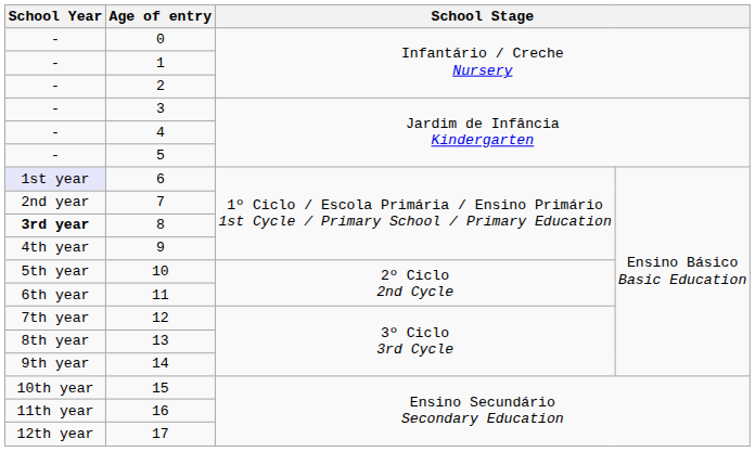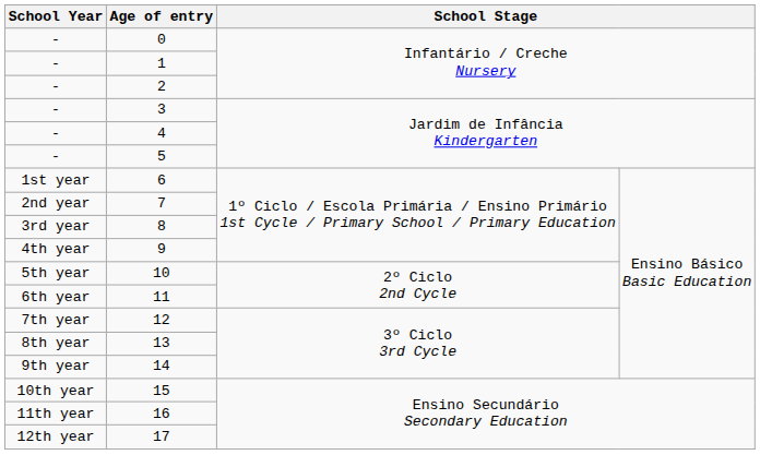 <table class="wikitable" style="text-align:center">
 <tr>
 <th>School Year</th>
 <th>Age of entry</th>
 <th colspan=2>School Stage</th>
 </tr>
 <tr>
 <td>-</td>
 <td>0</td>
 <td align=center colspan=2 rowspan=3>Infantário / Creche <em><br><a href='#'>Nursery</a></em></td>
 </tr>
 <tr>
 <td>-</td>
 <td>1</td>
 </tr>
 <tr>
 <td>-</td>
 <td>2</td>
 </tr>
 <tr>
 <td>-</td>
 <td>3</td>
 <td align=center colspan=2 rowspan=3>Jardim de Infância <em><br><a href='#'>Kindergarten</a></em></td>
 </tr>
 <tr>
 <td>-</td>
 <td>4</td>
 </tr>
 <tr>
 <td>-</td>
 <td>5</td>
 </tr>
 <tr>
-<td style="background: lavender;">1st year</td>
+<td>1st year</td>
 <td>6</td>
 <td rowspan=4>1º Ciclo / Escola Primária / Ensino Primário <br><em>1st Cycle / Primary School / Primary Education </em></td>
 <td align=center rowspan=9>Ensino Básico<br><em>Basic Education</em></td>
 </tr>
 <tr>
 <td>2nd year</td>
 <td>7</td>
 </tr>
 <tr>
-<td><strong>3rd year</strong></td>
+<td>3rd year</td>
 <td>8</td>
 </tr>
 <tr>
 <td>4th year</td>
 <td>9</td>
 </tr>
 <tr>
 <td>5th year</td>
 <td>10</td>
 <td rowspan=2>2º Ciclo <br><em>2nd Cycle</em></td>
 </tr>
 <tr>
 <td>6th year</td>
 <td>11</td>
 </tr>
 <tr>
 <td>7th year</td>
 <td>12</td>
 <td rowspan=3>3º Ciclo<br><em>3rd Cycle</em></td>
 </tr>
 <tr>
 <td>8th year</td>
 <td>13</td>
 </tr>
 <tr>
 <td>9th year</td>
 <td>14</td>
 </tr>
 <tr>
 <td>10th year</td>
 <td>15</td>
 <td align=center colspan=2 rowspan=3>Ensino Secundário<br><em>Secondary Education</em></td>
 </tr>
 <tr>
 <td>11th year</td>
 <td>16</td>
 </tr>
 <tr>
 <td>12th year</td>
 <td>17</td>
 </tr>
 </table>
